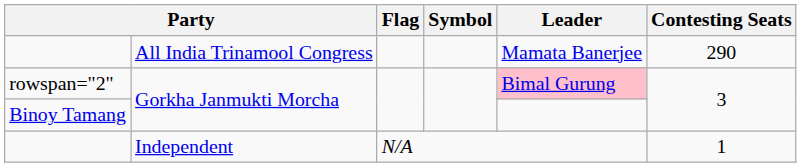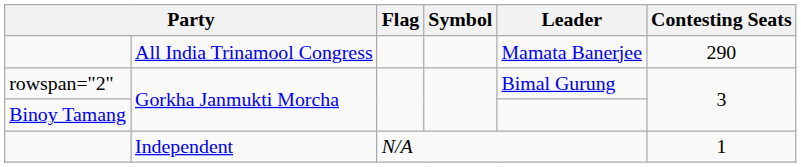 <table class="wikitable">
 <tr>
 <th colspan="2">Party</th>
 <th>Flag</th>
 <th>Symbol</th>
 <th>Leader</th>
 <th>Contesting Seats</th>
 </tr>
 <tr>
 <td></td>
 <td><a href='#'>All India Trinamool Congress</a></td>
 <td></td>
 <td style="text-align:center"></td>
 <td><a href='#'>Mamata Banerjee</a></td>
 <td style="text-align:center">290</td>
 </tr>
 <tr>
 <td>rowspan="2" </td>
 <td rowspan="2"><a href='#'>Gorkha Janmukti Morcha</a></td>
 <td rowspan="2"></td>
 <td rowspan="2"></td>
-<td style="background: pink;"><a href='#'>Bimal Gurung</a></td>
+<td><a href='#'>Bimal Gurung</a></td>
 <td rowspan="2" style="text-align:center">3</td>
 </tr>
 <tr>
 <td><a href='#'>Binoy Tamang</a></td>
 </tr>
 <tr>
 <td></td>
 <td><a href='#'>Independent</a></td>
 <td colspan="3"><em>N/A</em></td>
 <td style="text-align:center">1</td>
 </tr>
 </table>
